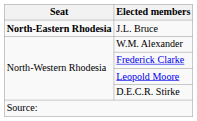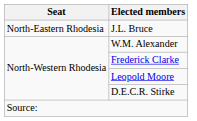 <table class=wikitable>
 <tr>
 <th>Seat</th>
 <th>Elected members</th>
 </tr>
 <tr>
-<td><strong>North-Eastern Rhodesia</strong></td>
+<td>North-Eastern Rhodesia</td>
 <td>J.L. Bruce</td>
 </tr>
 <tr>
 <td rowspan=4>North-Western Rhodesia</td>
 <td>W.M. Alexander</td>
 </tr>
 <tr>
 <td><a href='#'>Frederick Clarke</a></td>
 </tr>
 <tr>
 <td><a href='#'>Leopold Moore</a></td>
 </tr>
 <tr>
 <td>D.E.C.R. Stirke</td>
 </tr>
 <tr>
 <td align=left colspan=3>Source: </td>
 </tr>
 </table>
